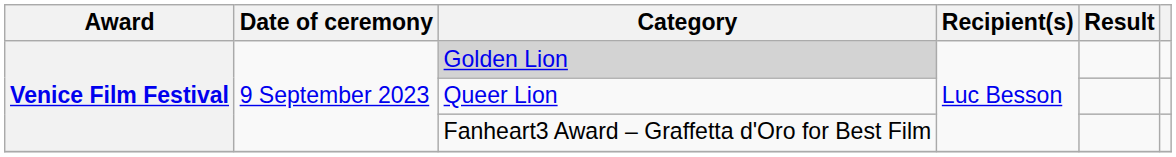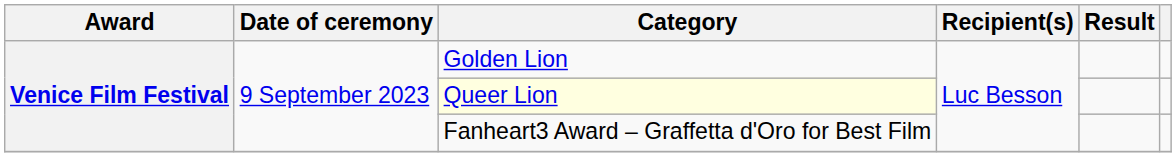 <table class="wikitable sortable plainrowheaders">
 <tr>
 <th scope="col">Award</th>
 <th scope="col">Date of ceremony</th>
 <th scope="col">Category</th>
 <th scope="col">Recipient(s)</th>
 <th scope="col">Result</th>
 <th scope="col" class="unsortable"></th>
 </tr>
 <tr>
 <th rowspan="3" scope="row"><a href='#'>Venice Film Festival</a></th>
 <td rowspan="3"><a href='#'>9 September 2023</a></td>
-<td style="background: lightgrey;"><a href='#'>Golden Lion</a></td>
+<td><a href='#'>Golden Lion</a></td>
 <td rowspan="3"><a href='#'>Luc Besson</a></td>
 <td></td>
 <td style="text-align:center;"></td>
 </tr>
 <tr>
-<td><a href='#'>Queer Lion</a></td>
+<td style="background: lightyellow;"><a href='#'>Queer Lion</a></td>
 <td></td>
 <td style="text-align:center;"></td>
 </tr>
 <tr>
 <td>Fanheart3 Award – Graffetta d'Oro for Best Film</td>
 <td></td>
 <td style="text-align:center;"></td>
 </tr>
 <tr>
 </tr>
 </table>
